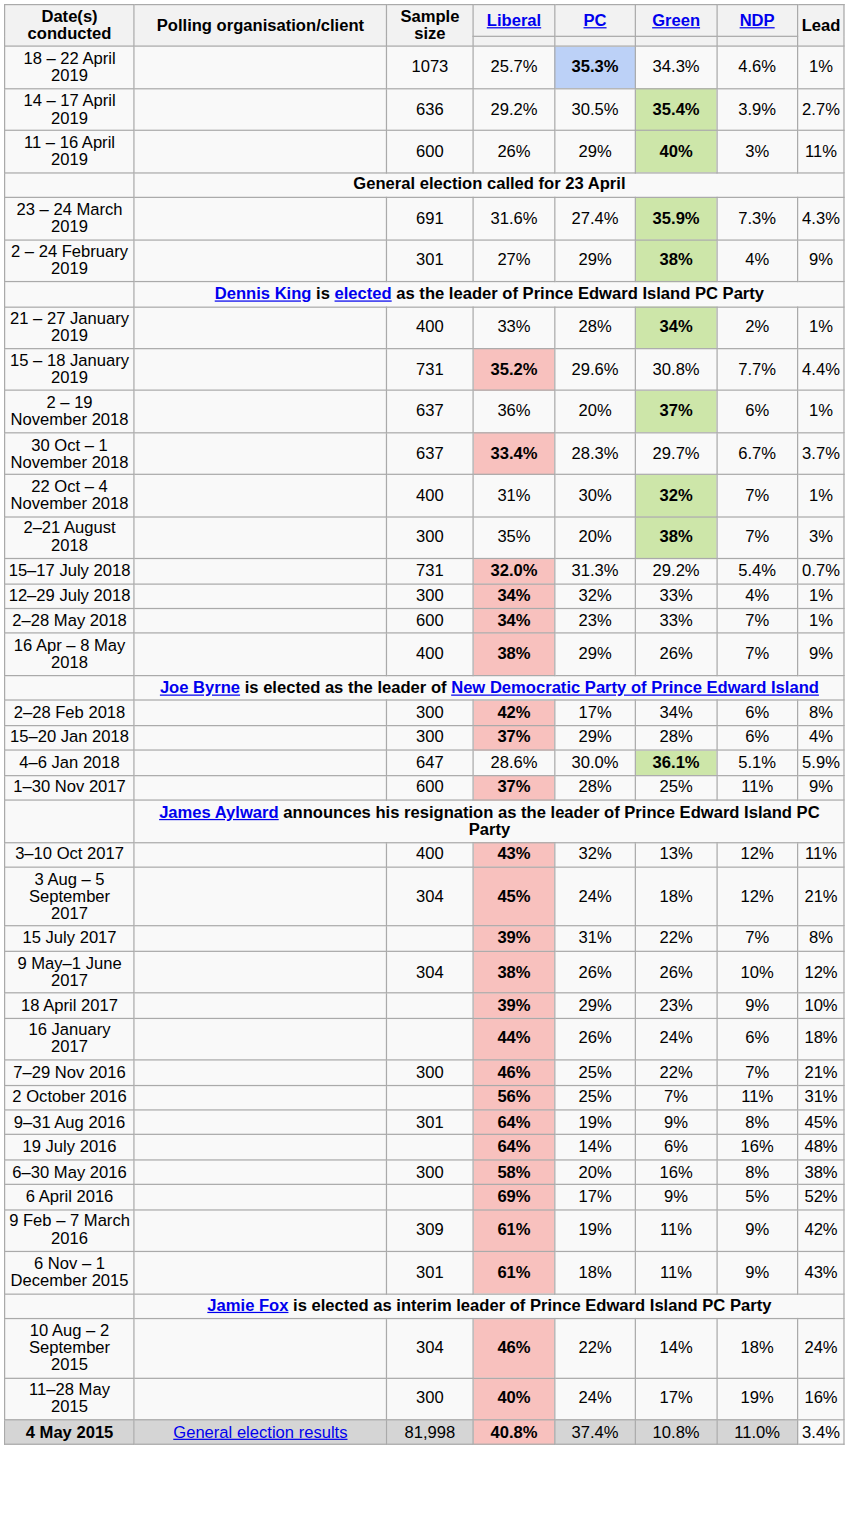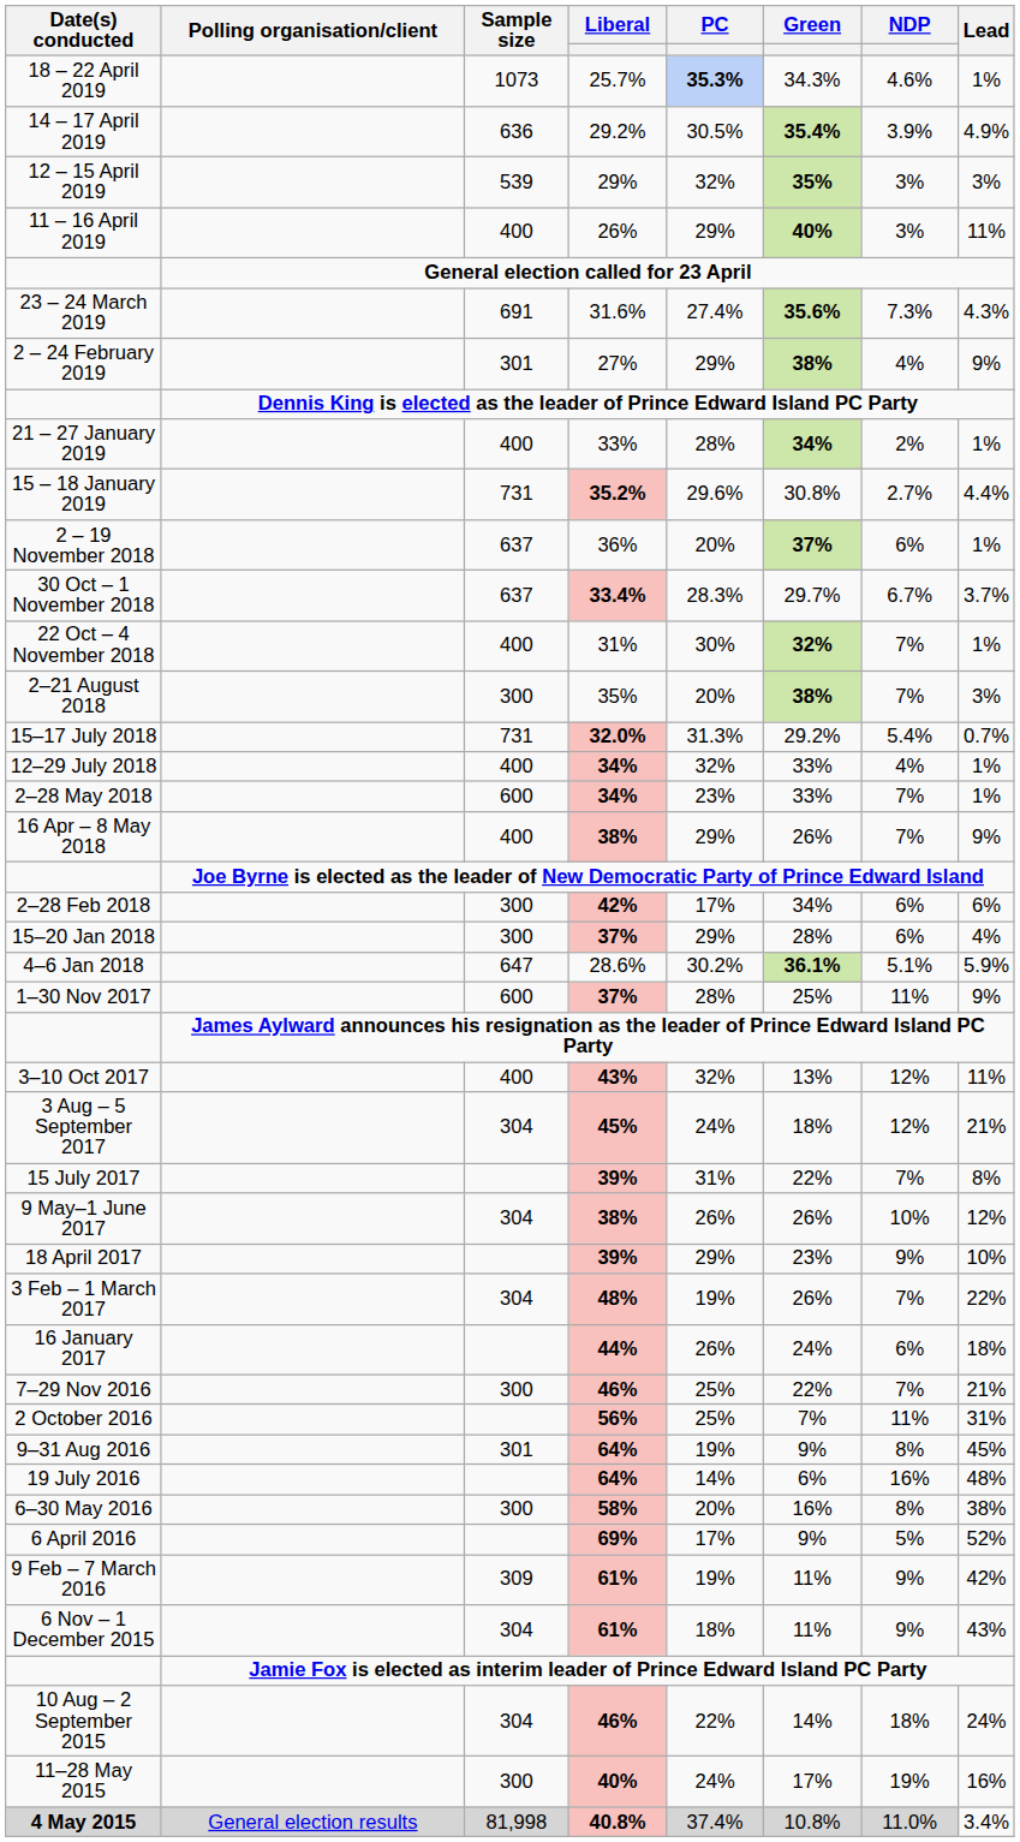 <table class="wikitable collapsible sortable" style="text-align:center;font-size:85%;line-height:14px">
 <tr>
 <th style="width:100px;" rowspan="2">Date(s)<br>conducted</th>
 <th style="width:200px;" rowspan="2">Polling organisation/client</th>
 <th style="width:65px;" rowspan="2">Sample size</th>
 <th style="width:60px;" class="unsortable"><a href='#'>Liberal</a></th>
 <th style="width:60px;" class="unsortable"><a href='#'>PC</a></th>
 <th style="width:60px;" class="unsortable"><a href='#'>Green</a></th>
 <th style="width:60px;" class="unsortable"><a href='#'>NDP</a></th>
 <th class="unsortable" style="width:30px;" rowspan="2">Lead</th>
 </tr>
 <tr>
 <th style="background:"></th>
 <th style="background:"></th>
 <th style="background:"></th>
 <th style="background:"></th>
 </tr>
 <tr>
 <td data-sort-value="2019-04-22">18 – 22 April 2019</td>
 <td></td>
 <td>1073</td>
 <td>25.7%</td>
 <td style="background:#BCD1F7"><strong>35.3%</strong></td>
 <td>34.3%</td>
 <td>4.6%</td>
 <td style="background:">1%</td>
 </tr>
 <tr>
 <td data-sort-value="2019-04-14">14 – 17 April 2019</td>
 <td></td>
 <td>636</td>
 <td>29.2%</td>
 <td>30.5%</td>
 <td style="background:#CDE6A9"><strong>35.4%</strong></td>
 <td>3.9%</td>
-<td style="background:">2.7%</td>
+<td style="background:">4.9%</td>
+</tr>
+<tr>
+<td data-sort-value="2019-04-12">12 – 15 April 2019</td>
+<td></td>
+<td>539</td>
+<td>29%</td>
+<td>32%</td>
+<td style="background:#CDE6A9"><strong>35%</strong></td>
+<td>3%</td>
+<td style="background:">3%</td>
 </tr>
 <tr>
 <td data-sort-value="2019-04-11">11 – 16 April 2019</td>
 <td></td>
-<td>600</td>
+<td>400</td>
 <td>26%</td>
 <td>29%</td>
 <td style="background:#CDE6A9"><strong>40%</strong></td>
 <td>3%</td>
 <td style="background:">11%</td>
 </tr>
 <tr>
 <td></td>
 <td colspan="7"><strong>General election called for 23 April</strong></td>
 </tr>
 <tr>
 <td data-sort-value="2019-03-23">23 – 24 March 2019</td>
 <td></td>
 <td>691</td>
 <td>31.6%</td>
 <td>27.4%</td>
-<td style="background:#CDE6A9"><strong>35.9%</strong></td>
+<td style="background:#CDE6A9"><strong>35.6%</strong></td>
 <td>7.3%</td>
 <td style="background:">4.3%</td>
 </tr>
 <tr>
 <td data-sort-value="2019-02-02">2 – 24 February 2019</td>
 <td> </td>
 <td>301</td>
 <td>27%</td>
 <td>29%</td>
 <td style="background:#CDE6A9"><strong>38%</strong></td>
 <td>4%</td>
 <td style="background:">9%</td>
 </tr>
 <tr>
 <td></td>
 <td colspan="7"><strong><a href='#'>Dennis King</a> is <a href='#'>elected</a> as the leader of Prince Edward Island PC Party</strong></td>
 </tr>
 <tr>
 <td data-sort-value="2019-01-21">21 – 27 January 2019</td>
 <td></td>
 <td>400</td>
 <td>33%</td>
 <td>28%</td>
 <td style="background:#CDE6A9"><strong>34%</strong></td>
 <td>2%</td>
 <td style="background:">1%</td>
 </tr>
 <tr>
 <td data-sort-value="2019-01-15">15 – 18 January 2019</td>
 <td></td>
 <td>731</td>
 <td style="background:#F8C1BE"><strong>35.2%</strong></td>
 <td>29.6%</td>
 <td>30.8%</td>
-<td>7.7%</td>
+<td>2.7%</td>
 <td style="background:">4.4%</td>
 </tr>
 <tr>
 <td data-sort-value="2018-11-02">2 – 19 November 2018</td>
 <td> </td>
 <td>637</td>
 <td>36%</td>
 <td>20%</td>
 <td style="background:#CDE6A9"><strong>37%</strong></td>
 <td>6%</td>
 <td style="background:">1%</td>
 </tr>
 <tr>
 <td data-sort-value="2018-10-30">30 Oct – 1 November 2018</td>
 <td></td>
 <td>637</td>
 <td style="background:#F8C1BE"><strong>33.4%</strong></td>
 <td>28.3%</td>
 <td>29.7%</td>
 <td>6.7%</td>
 <td style="background:">3.7%</td>
 </tr>
 <tr>
 <td data-sort-value="2018-10-22">22 Oct – 4 November 2018</td>
 <td></td>
 <td>400</td>
 <td>31%</td>
 <td>30%</td>
 <td style="background:#CDE6A9"><strong>32%</strong></td>
 <td>7%</td>
 <td style="background:">1%</td>
 </tr>
 <tr>
 <td data-sort-value="2018-08-02">2–21 August 2018</td>
 <td> </td>
 <td>300</td>
 <td>35%</td>
 <td>20%</td>
 <td style="background:#CDE6A9"><strong>38%</strong></td>
 <td>7%</td>
 <td style="background:">3%</td>
 </tr>
 <tr>
 <td data-sort-value="2018-07-15">15–17 July 2018</td>
 <td></td>
 <td>731</td>
 <td style="background:#F8C1BE"><strong>32.0%</strong></td>
 <td>31.3%</td>
 <td>29.2%</td>
 <td>5.4%</td>
 <td style="background:">0.7%</td>
 </tr>
 <tr>
 <td data-sort-value="2018-07-12">12–29 July 2018</td>
 <td></td>
-<td>300</td>
+<td>400</td>
 <td style="background:#F8C1BE"><strong>34%</strong></td>
 <td>32%</td>
 <td>33%</td>
 <td>4%</td>
 <td style="background:">1%</td>
 </tr>
 <tr>
 <td data-sort-value="2018-05-02">2–28 May 2018</td>
 <td></td>
 <td>600</td>
 <td style="background:#F8C1BE"><strong>34%</strong></td>
 <td>23%</td>
 <td>33%</td>
 <td>7%</td>
 <td style="background:">1%</td>
 </tr>
 <tr>
 <td data-sort-value="2018-04-16">16 Apr – 8 May 2018</td>
 <td></td>
 <td>400</td>
 <td style="background:#F8C1BE"><strong>38%</strong></td>
 <td>29%</td>
 <td>26%</td>
 <td>7%</td>
 <td style="background:">9%</td>
 </tr>
 <tr>
 <td></td>
 <td colspan="7"><strong><a href='#'>Joe Byrne</a> is elected as the leader of <a href='#'>New Democratic Party of Prince Edward Island</a></strong></td>
 </tr>
 <tr>
 <td data-sort-value="2018-02-02">2–28 Feb 2018</td>
 <td> </td>
 <td>300</td>
 <td style="background:#F8C1BE"><strong>42%</strong></td>
 <td>17%</td>
 <td>34%</td>
 <td>6%</td>
-<td style="background:">8%</td>
+<td style="background:">6%</td>
 </tr>
 <tr>
 <td data-sort-value="2018-01-15">15–20 Jan 2018</td>
 <td></td>
 <td>300</td>
 <td style="background:#F8C1BE"><strong>37%</strong></td>
 <td>29%</td>
 <td>28%</td>
 <td>6%</td>
 <td style="background:">4%</td>
 </tr>
 <tr>
 <td data-sort-value="2018-01-04">4–6 Jan 2018</td>
 <td></td>
 <td>647</td>
 <td>28.6%</td>
-<td>30.0%</td>
+<td>30.2%</td>
 <td style="background:#CDE6A9"><strong>36.1%</strong></td>
 <td>5.1%</td>
 <td style="background:">5.9%</td>
 </tr>
 <tr>
 <td data-sort-value="2017-11-01">1–30 Nov 2017</td>
 <td> </td>
 <td>600</td>
 <td style="background:#F8C1BE"><strong>37%</strong></td>
 <td>28%</td>
 <td>25%</td>
 <td>11%</td>
 <td style="background:">9%</td>
 </tr>
 <tr>
 <td></td>
 <td colspan="7"><strong><a href='#'>James Aylward</a> announces his resignation as the leader of Prince Edward Island PC Party</strong></td>
 </tr>
 <tr>
 <td data-sort-value="2017-10-03">3–10 Oct 2017</td>
 <td></td>
 <td>400</td>
 <td style="background:#F8C1BE"><strong>43%</strong></td>
 <td>32%</td>
 <td>13%</td>
 <td>12%</td>
 <td style="background:">11%</td>
 </tr>
 <tr>
 <td data-sort-value="2017-08-03">3 Aug – 5 September 2017</td>
 <td> </td>
 <td>304</td>
 <td style="background:#F8C1BE"><strong>45%</strong></td>
 <td>24%</td>
 <td>18%</td>
 <td>12%</td>
 <td style="background:">21%</td>
 </tr>
 <tr>
 <td data-sort-value="2017-07-15">15 July 2017</td>
 <td></td>
 <td></td>
 <td style="background:#F8C1BE"><strong>39%</strong></td>
 <td>31%</td>
 <td>22%</td>
 <td>7%</td>
 <td style="background:">8%</td>
 </tr>
 <tr>
 <td data-sort-value="2017-05-09">9 May–1 June 2017</td>
 <td> </td>
 <td>304</td>
 <td style="background:#F8C1BE"><strong>38%</strong></td>
 <td>26%</td>
 <td>26%</td>
 <td>10%</td>
 <td style="background:">12%</td>
 </tr>
 <tr>
 <td data-sort-value="2017-04-18">18 April 2017</td>
 <td></td>
 <td></td>
 <td style="background:#F8C1BE"><strong>39%</strong></td>
 <td>29%</td>
 <td>23%</td>
 <td>9%</td>
 <td style="background:">10%</td>
+</tr>
+<tr>
+<td data-sort-value="2017-02-03">3 Feb – 1 March 2017</td>
+<td> </td>
+<td>304</td>
+<td style="background:#F8C1BE"><strong>48%</strong></td>
+<td>19%</td>
+<td>26%</td>
+<td>7%</td>
+<td style="background:">22%</td>
 </tr>
 <tr>
 <td data-sort-value="2017-01-16">16 January 2017</td>
 <td></td>
 <td></td>
 <td style="background:#F8C1BE"><strong>44%</strong></td>
 <td>26%</td>
 <td>24%</td>
 <td>6%</td>
 <td style="background:">18%</td>
 </tr>
 <tr>
 <td data-sort-value="2016-11-07">7–29 Nov 2016</td>
 <td> </td>
 <td>300</td>
 <td style="background:#F8C1BE"><strong>46%</strong></td>
 <td>25%</td>
 <td>22%</td>
 <td>7%</td>
 <td style="background:">21%</td>
 </tr>
 <tr>
 <td data-sort-value="2016-10-02">2 October 2016</td>
 <td></td>
 <td></td>
 <td style="background:#F8C1BE"><strong>56%</strong></td>
 <td>25%</td>
 <td>7%</td>
 <td>11%</td>
 <td style="background:">31%</td>
 </tr>
 <tr>
 <td data-sort-value="2016-08-09">9–31 Aug 2016</td>
 <td> </td>
 <td>301</td>
 <td style="background:#F8C1BE"><strong>64%</strong></td>
 <td>19%</td>
 <td>9%</td>
 <td>8%</td>
 <td style="background:">45%</td>
 </tr>
 <tr>
 <td data-sort-value="2016-07-19">19 July 2016</td>
 <td></td>
 <td></td>
 <td style="background:#F8C1BE"><strong>64%</strong></td>
 <td>14%</td>
 <td>6%</td>
 <td>16%</td>
 <td style="background:">48%</td>
 </tr>
 <tr>
 <td data-sort-value="2016-05-06">6–30 May 2016</td>
 <td> </td>
 <td>300</td>
 <td style="background:#F8C1BE"><strong>58%</strong></td>
 <td>20%</td>
 <td>16%</td>
 <td>8%</td>
 <td style="background:">38%</td>
 </tr>
 <tr>
 <td data-sort-value="2016-04-06">6 April 2016</td>
 <td></td>
 <td></td>
 <td style="background:#F8C1BE"><strong>69%</strong></td>
 <td>17%</td>
 <td>9%</td>
 <td>5%</td>
 <td style="background:">52%</td>
 </tr>
 <tr>
 <td data-sort-value="2016-02-09">9 Feb – 7 March 2016</td>
 <td> </td>
 <td>309</td>
 <td style="background:#F8C1BE"><strong>61%</strong></td>
 <td>19%</td>
 <td>11%</td>
 <td>9%</td>
 <td style="background:">42%</td>
 </tr>
 <tr>
 <td data-sort-value="2015-11-06">6 Nov – 1 December 2015</td>
 <td> </td>
-<td>301</td>
+<td>304</td>
 <td style="background:#F8C1BE"><strong>61%</strong></td>
 <td>18%</td>
 <td>11%</td>
 <td>9%</td>
 <td style="background:">43%</td>
 </tr>
 <tr>
 <td></td>
 <td colspan="7"><strong><a href='#'>Jamie Fox</a> is elected as interim leader of Prince Edward Island PC Party</strong></td>
 </tr>
 <tr>
 <td data-sort-value="2015-08-10">10 Aug – 2 September 2015</td>
 <td> </td>
 <td>304</td>
 <td style="background:#F8C1BE"><strong>46%</strong></td>
 <td>22%</td>
 <td>14%</td>
 <td>18%</td>
 <td style="background:">24%</td>
 </tr>
 <tr>
 <td data-sort-value="2015-05-11">11–28 May 2015</td>
 <td> </td>
 <td>300</td>
 <td style="background:#F8C1BE"><strong>40%</strong></td>
 <td>24%</td>
 <td>17%</td>
 <td>19%</td>
 <td style="background:">16%</td>
 </tr>
 <tr>
 <td data-sort-value="2015-05-04" style="background:#D5D5D5"><strong>4 May 2015</strong></td>
 <td style="background:#D5D5D5"><a href='#'>General election results</a></td>
 <td style="background:#D5D5D5">81,998</td>
 <td style="background:#F8C1BE"><strong>40.8%</strong></td>
 <td style="background:#D5D5D5">37.4%</td>
 <td style="background:#D5D5D5">10.8%</td>
 <td style="background:#D5D5D5">11.0%</td>
 <td style="background:">3.4%</td>
 </tr>
 </table>
